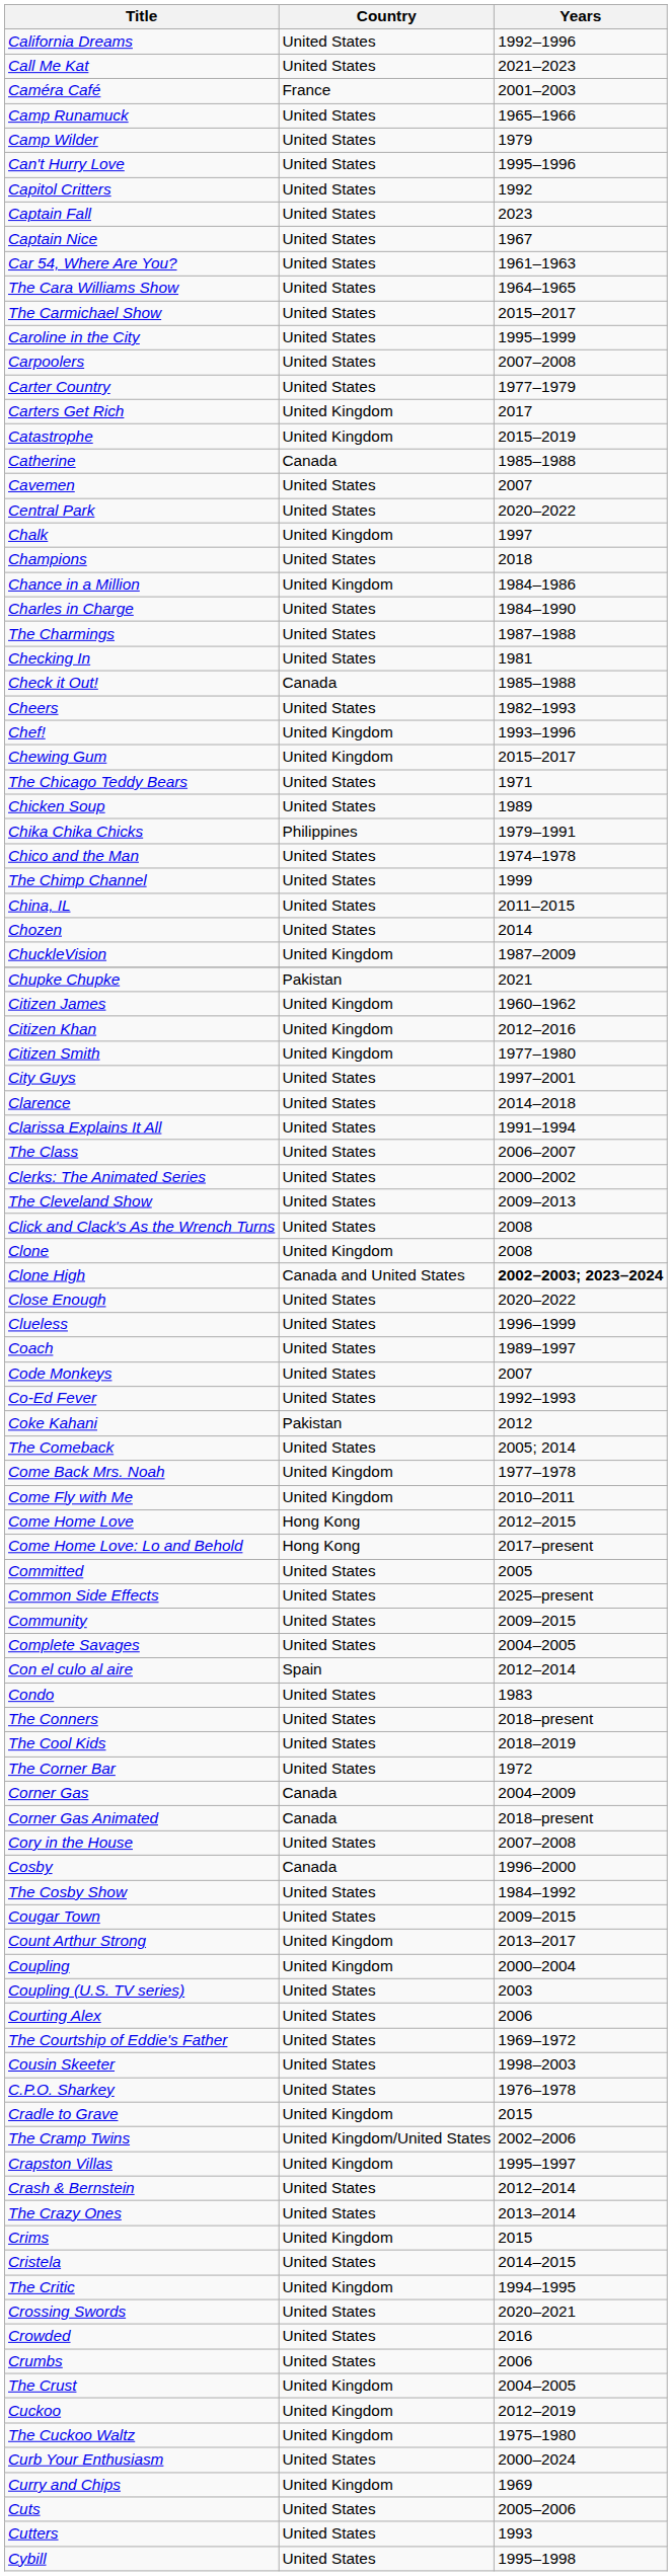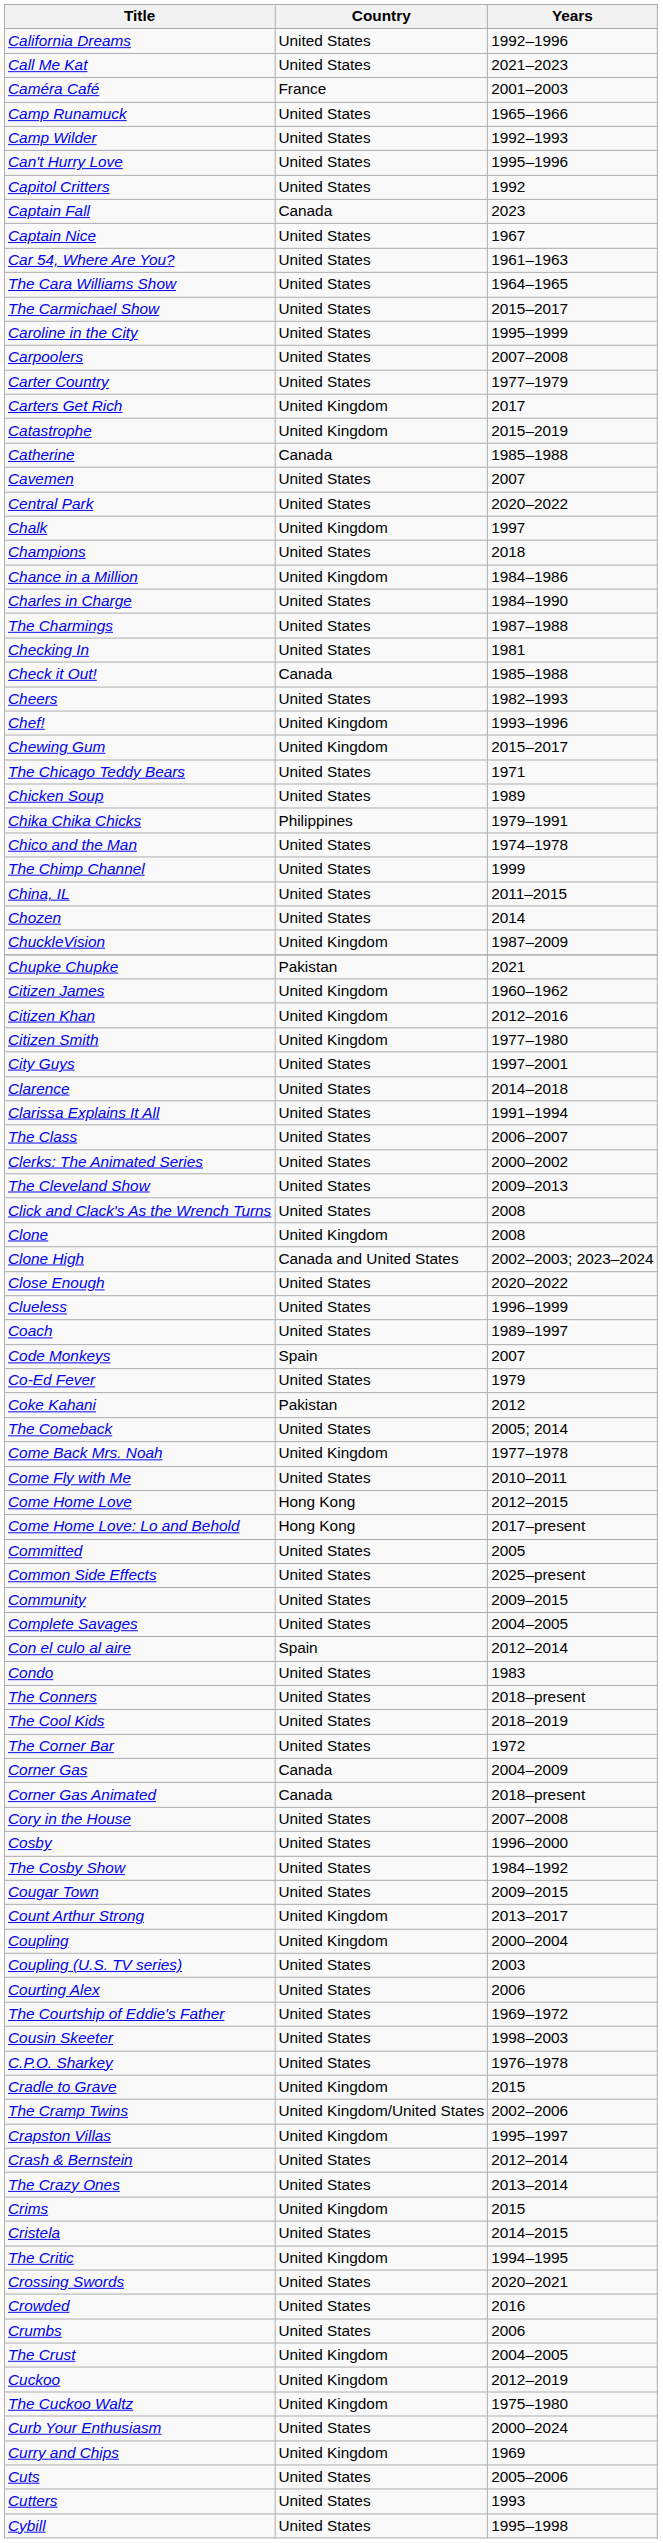 <table class="wikitable sortable">
 <tr>
 <th>Title</th>
 <th>Country</th>
 <th>Years</th>
 </tr>
 <tr>
 <td><em><a href='#'>California Dreams</a></em></td>
 <td>United States</td>
 <td>1992–1996</td>
 </tr>
 <tr>
 <td><em><a href='#'>Call Me Kat</a></em></td>
 <td>United States</td>
 <td>2021–2023</td>
 </tr>
 <tr>
 <td><em><a href='#'>Caméra Café</a></em></td>
 <td>France</td>
 <td>2001–2003</td>
 </tr>
 <tr>
 <td><em><a href='#'>Camp Runamuck</a></em></td>
 <td>United States</td>
 <td>1965–1966</td>
 </tr>
 <tr>
 <td><em><a href='#'>Camp Wilder</a></em></td>
 <td>United States</td>
-<td>1979</td>
+<td>1992–1993</td>
 </tr>
 <tr>
 <td><em><a href='#'>Can't Hurry Love</a></em></td>
 <td>United States</td>
 <td>1995–1996</td>
 </tr>
 <tr>
 <td><em><a href='#'>Capitol Critters</a></em></td>
 <td>United States</td>
 <td>1992</td>
 </tr>
 <tr>
 <td><em><a href='#'>Captain Fall</a></em></td>
-<td>United States</td>
+<td>Canada</td>
 <td>2023</td>
 </tr>
 <tr>
 <td><em><a href='#'>Captain Nice</a></em></td>
 <td>United States</td>
 <td>1967</td>
 </tr>
 <tr>
 <td><em><a href='#'>Car 54, Where Are You?</a></em></td>
 <td>United States</td>
 <td>1961–1963</td>
 </tr>
 <tr>
 <td><em><a href='#'>The Cara Williams Show</a></em></td>
 <td>United States</td>
 <td>1964–1965</td>
 </tr>
 <tr>
 <td><em><a href='#'>The Carmichael Show</a></em></td>
 <td>United States</td>
 <td>2015–2017</td>
 </tr>
 <tr>
 <td><em><a href='#'>Caroline in the City</a></em></td>
 <td>United States</td>
 <td>1995–1999</td>
 </tr>
 <tr>
 <td><em><a href='#'>Carpoolers</a></em></td>
 <td>United States</td>
 <td>2007–2008</td>
 </tr>
 <tr>
 <td><em><a href='#'>Carter Country</a></em></td>
 <td>United States</td>
 <td>1977–1979</td>
 </tr>
 <tr>
 <td><em><a href='#'>Carters Get Rich</a></em></td>
 <td>United Kingdom</td>
 <td>2017</td>
 </tr>
 <tr>
 <td><em><a href='#'>Catastrophe</a></em></td>
 <td>United Kingdom</td>
 <td>2015–2019</td>
 </tr>
 <tr>
 <td><em><a href='#'>Catherine</a></em></td>
 <td>Canada</td>
 <td>1985–1988</td>
 </tr>
 <tr>
 <td><em><a href='#'>Cavemen</a></em></td>
 <td>United States</td>
 <td>2007</td>
 </tr>
 <tr>
 <td><em><a href='#'>Central Park</a></em></td>
 <td>United States</td>
 <td>2020–2022</td>
 </tr>
 <tr>
 <td><em><a href='#'>Chalk</a></em></td>
 <td>United Kingdom</td>
 <td>1997</td>
 </tr>
 <tr>
 <td><em><a href='#'>Champions</a></em></td>
 <td>United States</td>
 <td>2018</td>
 </tr>
 <tr>
 <td><em><a href='#'>Chance in a Million</a></em></td>
 <td>United Kingdom</td>
 <td>1984–1986</td>
 </tr>
 <tr>
 <td><em><a href='#'>Charles in Charge</a></em></td>
 <td>United States</td>
 <td>1984–1990</td>
 </tr>
 <tr>
 <td><em><a href='#'>The Charmings</a></em></td>
 <td>United States</td>
 <td>1987–1988</td>
 </tr>
 <tr>
 <td><em><a href='#'>Checking In</a></em></td>
 <td>United States</td>
 <td>1981</td>
 </tr>
 <tr>
 <td><em><a href='#'>Check it Out!</a></em></td>
 <td>Canada</td>
 <td>1985–1988</td>
 </tr>
 <tr>
 <td><em><a href='#'>Cheers</a></em></td>
 <td>United States</td>
 <td>1982–1993</td>
 </tr>
 <tr>
 <td><em><a href='#'>Chef!</a></em></td>
 <td>United Kingdom</td>
 <td>1993–1996</td>
 </tr>
 <tr>
 <td><em><a href='#'>Chewing Gum</a></em></td>
 <td>United Kingdom</td>
 <td>2015–2017</td>
 </tr>
 <tr>
 <td><em><a href='#'>The Chicago Teddy Bears</a></em></td>
 <td>United States</td>
 <td>1971</td>
 </tr>
 <tr>
 <td><em><a href='#'>Chicken Soup</a></em></td>
 <td>United States</td>
 <td>1989</td>
 </tr>
 <tr>
 <td><em><a href='#'>Chika Chika Chicks</a></em></td>
 <td>Philippines</td>
 <td>1979–1991</td>
 </tr>
 <tr>
 <td><em><a href='#'>Chico and the Man</a></em></td>
 <td>United States</td>
 <td>1974–1978</td>
 </tr>
 <tr>
 <td><em><a href='#'>The Chimp Channel</a></em></td>
 <td>United States</td>
 <td>1999</td>
 </tr>
 <tr>
 <td><em><a href='#'>China, IL</a></em></td>
 <td>United States</td>
 <td>2011–2015</td>
 </tr>
 <tr>
 <td><em><a href='#'>Chozen</a></em></td>
 <td>United States</td>
 <td>2014</td>
 </tr>
 <tr>
 <td><em><a href='#'>ChuckleVision</a></em></td>
 <td>United Kingdom</td>
 <td>1987–2009</td>
 </tr>
 <tr>
 </tr>
 <tr>
 <td><em><a href='#'>Chupke Chupke</a></em></td>
 <td>Pakistan</td>
 <td>2021</td>
 </tr>
 <tr>
 <td><em><a href='#'>Citizen James</a></em></td>
 <td>United Kingdom</td>
 <td>1960–1962</td>
 </tr>
 <tr>
 <td><em><a href='#'>Citizen Khan</a></em></td>
 <td>United Kingdom</td>
 <td>2012–2016</td>
 </tr>
 <tr>
 <td><em><a href='#'>Citizen Smith</a></em></td>
 <td>United Kingdom</td>
 <td>1977–1980</td>
 </tr>
 <tr>
 <td><em><a href='#'>City Guys</a></em></td>
 <td>United States</td>
 <td>1997–2001</td>
 </tr>
 <tr>
 <td><em><a href='#'>Clarence</a></em></td>
 <td>United States</td>
 <td>2014–2018</td>
 </tr>
 <tr>
 <td><em><a href='#'>Clarissa Explains It All</a></em></td>
 <td>United States</td>
 <td>1991–1994</td>
 </tr>
 <tr>
 <td><em><a href='#'>The Class</a></em></td>
 <td>United States</td>
 <td>2006–2007</td>
 </tr>
 <tr>
 <td><em><a href='#'>Clerks: The Animated Series</a></em></td>
 <td>United States</td>
 <td>2000–2002</td>
 </tr>
 <tr>
 <td><em><a href='#'>The Cleveland Show</a></em></td>
 <td>United States</td>
 <td>2009–2013</td>
 </tr>
 <tr>
 <td><em><a href='#'>Click and Clack's As the Wrench Turns</a></em></td>
 <td>United States</td>
 <td>2008</td>
 </tr>
 <tr>
 <td><em><a href='#'>Clone</a></em></td>
 <td>United Kingdom</td>
 <td>2008</td>
 </tr>
 <tr>
 <td><em><a href='#'>Clone High</a></em></td>
 <td>Canada and United States</td>
-<td><strong>2002–2003; 2023–2024</strong></td>
+<td>2002–2003; 2023–2024</td>
 </tr>
 <tr>
 <td><em><a href='#'>Close Enough</a></em></td>
 <td>United States</td>
 <td>2020–2022</td>
 </tr>
 <tr>
 <td><em><a href='#'>Clueless</a></em></td>
 <td>United States</td>
 <td>1996–1999</td>
 </tr>
 <tr>
 <td><em><a href='#'>Coach</a></em></td>
 <td>United States</td>
 <td>1989–1997</td>
 </tr>
 <tr>
 <td><em><a href='#'>Code Monkeys</a></em></td>
-<td>United States</td>
+<td>Spain</td>
 <td>2007</td>
 </tr>
 <tr>
 <td><em><a href='#'>Co-Ed Fever</a></em></td>
 <td>United States</td>
-<td>1992–1993</td>
+<td>1979</td>
 </tr>
 <tr>
 <td><em><a href='#'>Coke Kahani</a></em></td>
 <td>Pakistan</td>
 <td>2012</td>
 </tr>
 <tr>
 <td><em><a href='#'>The Comeback</a></em></td>
 <td>United States</td>
 <td>2005; 2014</td>
 </tr>
 <tr>
 <td><em><a href='#'>Come Back Mrs. Noah</a></em></td>
 <td>United Kingdom</td>
 <td>1977–1978</td>
 </tr>
 <tr>
 <td><em><a href='#'>Come Fly with Me</a></em></td>
-<td>United Kingdom</td>
+<td>United States</td>
 <td>2010–2011</td>
 </tr>
 <tr>
 <td><em><a href='#'>Come Home Love</a></em></td>
 <td>Hong Kong</td>
 <td>2012–2015</td>
 </tr>
 <tr>
 <td><em><a href='#'>Come Home Love: Lo and Behold</a></em></td>
 <td>Hong Kong</td>
 <td>2017–present</td>
 </tr>
 <tr>
 <td><em><a href='#'>Committed</a></em></td>
 <td>United States</td>
 <td>2005</td>
 </tr>
 <tr>
 <td><em><a href='#'>Common Side Effects</a></em></td>
 <td>United States</td>
 <td>2025–present</td>
 </tr>
 <tr>
 <td><em><a href='#'>Community</a></em></td>
 <td>United States</td>
 <td>2009–2015</td>
 </tr>
 <tr>
 <td><em><a href='#'>Complete Savages</a></em></td>
 <td>United States</td>
 <td>2004–2005</td>
 </tr>
 <tr>
 <td><em><a href='#'>Con el culo al aire</a></em></td>
 <td>Spain</td>
 <td>2012–2014</td>
 </tr>
 <tr>
 <td><em><a href='#'>Condo</a></em></td>
 <td>United States</td>
 <td>1983</td>
 </tr>
 <tr>
 <td><em><a href='#'>The Conners</a></em></td>
 <td>United States</td>
 <td>2018–present</td>
 </tr>
 <tr>
 <td><em><a href='#'>The Cool Kids</a></em></td>
 <td>United States</td>
 <td>2018–2019</td>
 </tr>
 <tr>
 <td><em><a href='#'>The Corner Bar</a></em></td>
 <td>United States</td>
 <td>1972</td>
 </tr>
 <tr>
 <td><em><a href='#'>Corner Gas</a></em></td>
 <td>Canada</td>
 <td>2004–2009</td>
 </tr>
 <tr>
 <td><em><a href='#'>Corner Gas Animated</a></em></td>
 <td>Canada</td>
 <td>2018–present</td>
 </tr>
 <tr>
 <td><em><a href='#'>Cory in the House</a></em></td>
 <td>United States</td>
 <td>2007–2008</td>
 </tr>
 <tr>
 <td><em><a href='#'>Cosby</a></em></td>
-<td>Canada</td>
+<td>United States</td>
 <td>1996–2000</td>
 </tr>
 <tr>
 <td><em><a href='#'>The Cosby Show</a></em></td>
 <td>United States</td>
 <td>1984–1992</td>
 </tr>
 <tr>
 <td><em><a href='#'>Cougar Town</a></em></td>
 <td>United States</td>
 <td>2009–2015</td>
 </tr>
 <tr>
 <td><em><a href='#'>Count Arthur Strong</a></em></td>
 <td>United Kingdom</td>
 <td>2013–2017</td>
 </tr>
 <tr>
 <td><em><a href='#'>Coupling</a></em></td>
 <td>United Kingdom</td>
 <td>2000–2004</td>
 </tr>
 <tr>
 <td><em><a href='#'>Coupling (U.S. TV series)</a></em></td>
 <td>United States</td>
 <td>2003</td>
 </tr>
 <tr>
 <td><em><a href='#'>Courting Alex</a></em></td>
 <td>United States</td>
 <td>2006</td>
 </tr>
 <tr>
 <td><em><a href='#'>The Courtship of Eddie's Father</a></em></td>
 <td>United States</td>
 <td>1969–1972</td>
 </tr>
 <tr>
 <td><em><a href='#'>Cousin Skeeter</a></em></td>
 <td>United States</td>
 <td>1998–2003</td>
 </tr>
 <tr>
 <td><em><a href='#'>C.P.O. Sharkey</a></em></td>
 <td>United States</td>
 <td>1976–1978</td>
 </tr>
 <tr>
 <td><em><a href='#'>Cradle to Grave</a></em></td>
 <td>United Kingdom</td>
 <td>2015</td>
 </tr>
 <tr>
 <td><em><a href='#'>The Cramp Twins</a></em></td>
 <td>United Kingdom/United States</td>
 <td>2002–2006</td>
 </tr>
 <tr>
 <td><em><a href='#'>Crapston Villas</a></em></td>
 <td>United Kingdom</td>
 <td>1995–1997</td>
 </tr>
 <tr>
 <td><em><a href='#'>Crash & Bernstein</a></em></td>
 <td>United States</td>
 <td>2012–2014</td>
 </tr>
 <tr>
 <td><em><a href='#'>The Crazy Ones</a></em></td>
 <td>United States</td>
 <td>2013–2014</td>
 </tr>
 <tr>
 <td><em><a href='#'>Crims</a></em></td>
 <td>United Kingdom</td>
 <td>2015</td>
 </tr>
 <tr>
 <td><em><a href='#'>Cristela</a></em></td>
 <td>United States</td>
 <td>2014–2015</td>
 </tr>
 <tr>
 <td><em><a href='#'>The Critic</a></em></td>
 <td>United Kingdom</td>
 <td>1994–1995</td>
 </tr>
 <tr>
 <td><em><a href='#'>Crossing Swords</a></em></td>
 <td>United States</td>
 <td>2020–2021</td>
 </tr>
 <tr>
 <td><em><a href='#'>Crowded</a></em></td>
 <td>United States</td>
 <td>2016</td>
 </tr>
 <tr>
 <td><em><a href='#'>Crumbs</a></em></td>
 <td>United States</td>
 <td>2006</td>
 </tr>
 <tr>
 <td><em><a href='#'>The Crust</a></em></td>
 <td>United Kingdom</td>
 <td>2004–2005</td>
 </tr>
 <tr>
 <td><em><a href='#'>Cuckoo</a></em></td>
 <td>United Kingdom</td>
 <td>2012–2019</td>
 </tr>
 <tr>
 <td><em><a href='#'>The Cuckoo Waltz</a></em></td>
 <td>United Kingdom</td>
 <td>1975–1980</td>
 </tr>
 <tr>
 <td><em><a href='#'>Curb Your Enthusiasm</a></em></td>
 <td>United States</td>
 <td>2000–2024</td>
 </tr>
 <tr>
 <td><em><a href='#'>Curry and Chips</a></em></td>
 <td>United Kingdom</td>
 <td>1969</td>
 </tr>
 <tr>
 <td><em><a href='#'>Cuts</a></em></td>
 <td>United States</td>
 <td>2005–2006</td>
 </tr>
 <tr>
 <td><em><a href='#'>Cutters</a></em></td>
 <td>United States</td>
 <td>1993</td>
 </tr>
 <tr>
 <td><em><a href='#'>Cybill</a></em></td>
 <td>United States</td>
 <td>1995–1998</td>
 </tr>
 </table>
